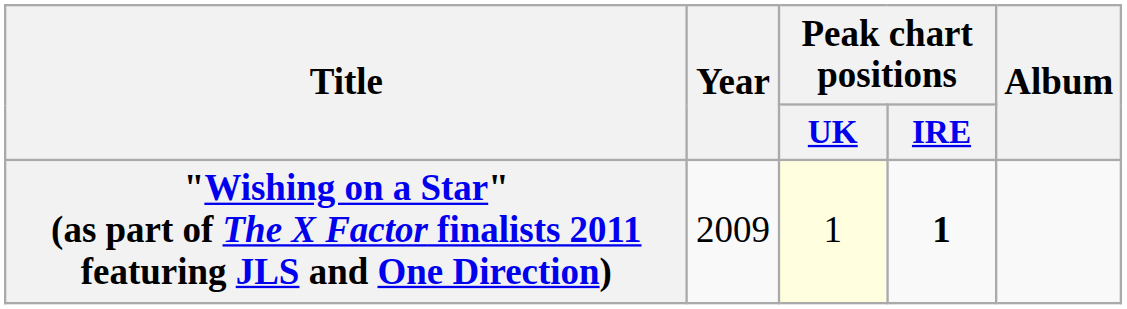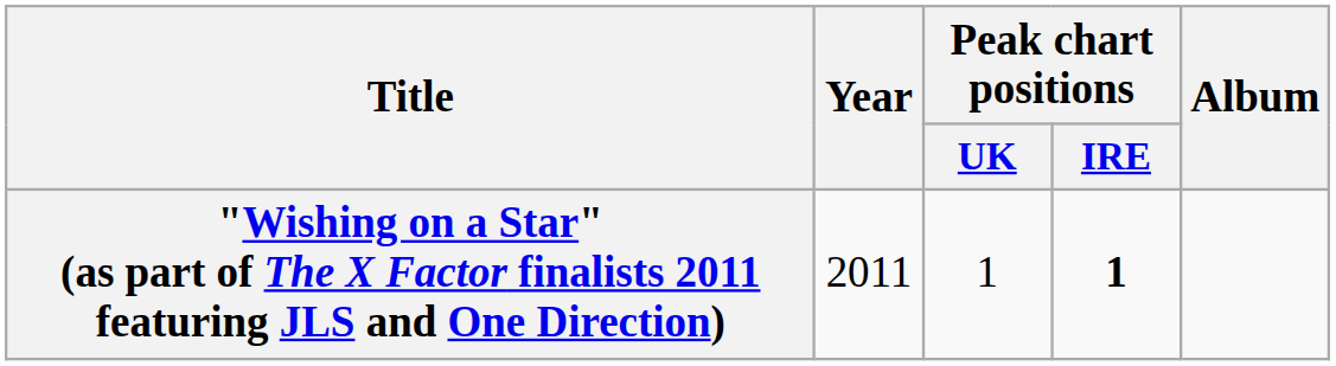 <table class="wikitable plainrowheaders" style="text-align:center;">
 <tr>
 <th scope="col" rowspan="2" style="width:18em;">Title</th>
 <th scope="col" rowspan="2" style="width:1em;">Year</th>
 <th scope="col" colspan="2">Peak chart<br>positions</th>
 <th scope="col" rowspan="2">Album</th>
 </tr>
 <tr>
 <th scope="col" style="width:2.8em;font-size:90%;"><a href='#'>UK</a><br></th>
 <th scope="col" style="width:2.8em;font-size:90%;"><a href='#'>IRE</a><br></th>
 </tr>
 <tr>
 <th scope="row">"<a href='#'>Wishing on a Star</a>"<br><span>(as part of <a href='#'><em>The X Factor</em> finalists 2011</a><br>featuring <a href='#'>JLS</a> and <a href='#'>One Direction</a>)</span></th>
-<td>2009</td>
-<td style="background: lightyellow;">1</td>
+<td>2011</td>
+<td>1</td>
 <td><strong>1</strong></td>
 <td></td>
 </tr>
 </table>
